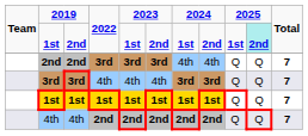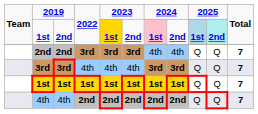 <table class="wikitable" style="text-align:center; font-size:90%">
 <tr>
 <td rowspan=2><strong>Team</strong></td>
 <td colspan=2><strong><a href='#'>2019</a></strong></td>
 <td rowspan=2><strong><a href='#'>2022</a></strong><br></td>
 <td colspan=2><strong><a href='#'>2023</a></strong></td>
 <td colspan=2><strong><a href='#'>2024</a></strong></td>
 <td colspan=2><strong><a href='#'>2025</a></strong></td>
 <td rowspan=2><strong>Total</strong></td>
 </tr>
 <tr>
 <td><br><strong><a href='#'>1st</a></strong></td>
 <td><br><strong><a href='#'>2nd</a></strong></td>
-<td><br><strong><a href='#'>1st</a></strong></td>
+<td style="background: gold;"><br><strong><a href='#'>1st</a></strong></td>
 <td><br><strong><a href='#'>2nd</a></strong></td>
-<td><br><strong><a href='#'>1st</a></strong></td>
+<td style="background: pink;"><br><strong><a href='#'>1st</a></strong></td>
 <td><br><strong><a href='#'>2nd</a></strong></td>
-<td><br><strong><a href='#'>1st</a></strong></td>
+<td style="background: lightblue;"><br><strong><a href='#'>1st</a></strong></td>
 <td style="background: paleturquoise;"><br><strong><a href='#'>2nd</a></strong></td>
 </tr>
 <tr>
 </tr>
 <tr bgcolor=#ffffff>
 <td align=left></td>
 <td bgcolor=silver><strong>2nd</strong></td>
 <td bgcolor=silver><strong>2nd</strong></td>
 <td bgcolor=#cc9966><strong>3rd</strong></td>
 <td bgcolor=#cc9966><strong>3rd</strong></td>
 <td bgcolor=#cc9966><strong>3rd</strong></td>
 <td bgcolor=#9acdff>4th</td>
 <td bgcolor=#9acdff>4th</td>
 <td>Q</td>
 <td>Q</td>
 <td><strong>7</strong></td>
 </tr>
 <tr bgcolor=#e8e8f0>
 <td align=left></td>
 <td bgcolor=#cc9966><strong>3rd</strong></td>
 <td style="border:3px solid red" bgcolor=#cc9966><strong>3rd</strong></td>
 <td bgcolor=#9acdff>4th</td>
 <td bgcolor=#9acdff>4th</td>
 <td bgcolor=#9acdff>4th</td>
 <td bgcolor=#cc9966><strong>3rd</strong></td>
 <td bgcolor=#cc9966><strong>3rd</strong></td>
 <td>Q</td>
 <td>Q</td>
 <td><strong>7</strong></td>
 </tr>
 <tr bgcolor=#ffffff>
 <td align=left></td>
 <td style="border:3px solid red" bgcolor=gold><strong>1st</strong></td>
 <td bgcolor=gold><strong>1st</strong></td>
 <td style="border:3px solid red" bgcolor=gold><strong>1st</strong></td>
 <td bgcolor=gold><strong>1st</strong></td>
 <td style="border:3px solid red" bgcolor=gold><strong>1st</strong></td>
 <td bgcolor=gold><strong>1st</strong></td>
 <td style="border:3px solid red"bgcolor=gold><strong>1st</strong></td>
 <td style="border:3px solid red">Q</td>
 <td>Q</td>
 <td><strong>7</strong></td>
 </tr>
 <tr bgcolor=#e8e8f0>
 <td align=left></td>
 <td bgcolor=#9acdff>4th</td>
 <td bgcolor=#9acdff>4th</td>
 <td bgcolor=silver><strong>2nd</strong></td>
 <td style="border:3px solid red" bgcolor=silver><strong>2nd</strong></td>
 <td bgcolor=silver><strong>2nd</strong></td>
 <td style="border:3px solid red" bgcolor=silver><strong>2nd</strong></td>
 <td bgcolor=silver><strong>2nd</strong></td>
 <td>Q</td>
 <td style="border:3px solid red">Q</td>
 <td><strong>7</strong></td>
 </tr>
 </table>
